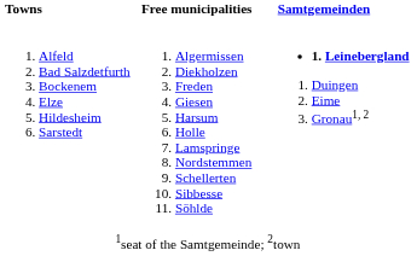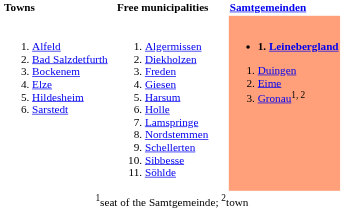 <table>
 <tr>
 <th align=left width=33%>Towns</th>
 <th align=left width=33%>Free municipalities</th>
 <th align=left width=33%><a href='#'>Samtgemeinden</a></th>
 </tr>
 <tr valign=top>
 <td><br><ol><li><a href='#'>Alfeld</a></li><li><a href='#'>Bad Salzdetfurth</a></li><li><a href='#'>Bockenem</a></li><li><a href='#'>Elze</a></li><li><a href='#'>Hildesheim</a></li><li><a href='#'>Sarstedt</a></li></ol></td>
 <td><br><ol><li><a href='#'>Algermissen</a></li><li><a href='#'>Diekholzen</a></li><li><a href='#'>Freden</a></li><li><a href='#'>Giesen</a></li><li><a href='#'>Harsum</a></li><li><a href='#'>Holle</a></li><li><a href='#'>Lamspringe</a></li><li><a href='#'>Nordstemmen</a></li><li><a href='#'>Schellerten</a></li><li><a href='#'>Sibbesse</a></li><li><a href='#'>Söhlde</a></li></ol></td>
-<td><br><ul><li><strong>1. <a href='#'>Leinebergland</a></strong></li></ul><ol><li><a href='#'>Duingen</a></li><li><a href='#'>Eime</a></li><li><a href='#'>Gronau</a><sup>1, 2</sup></li></ol></td>
+<td style="background: lightsalmon;"><br><ul><li><strong>1. <a href='#'>Leinebergland</a></strong></li></ul><ol><li><a href='#'>Duingen</a></li><li><a href='#'>Eime</a></li><li><a href='#'>Gronau</a><sup>1, 2</sup></li></ol></td>
 </tr>
 <tr>
 <td colspan=3 align=center><sup>1</sup>seat of the Samtgemeinde; <sup>2</sup>town</td>
 </tr>
 </table>
